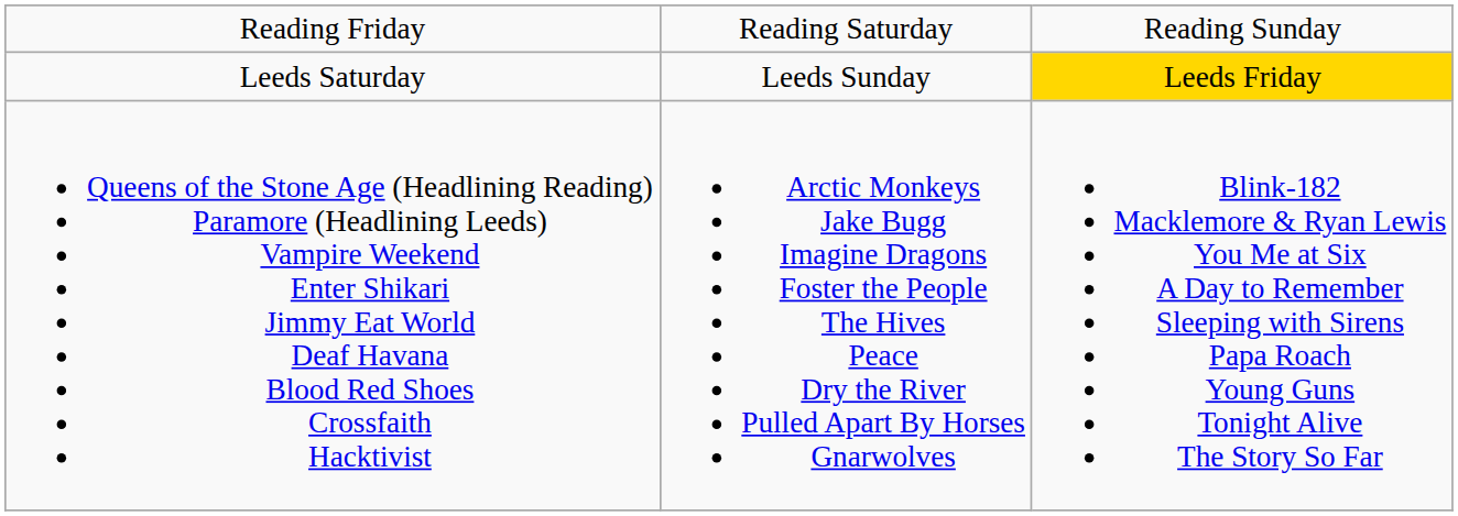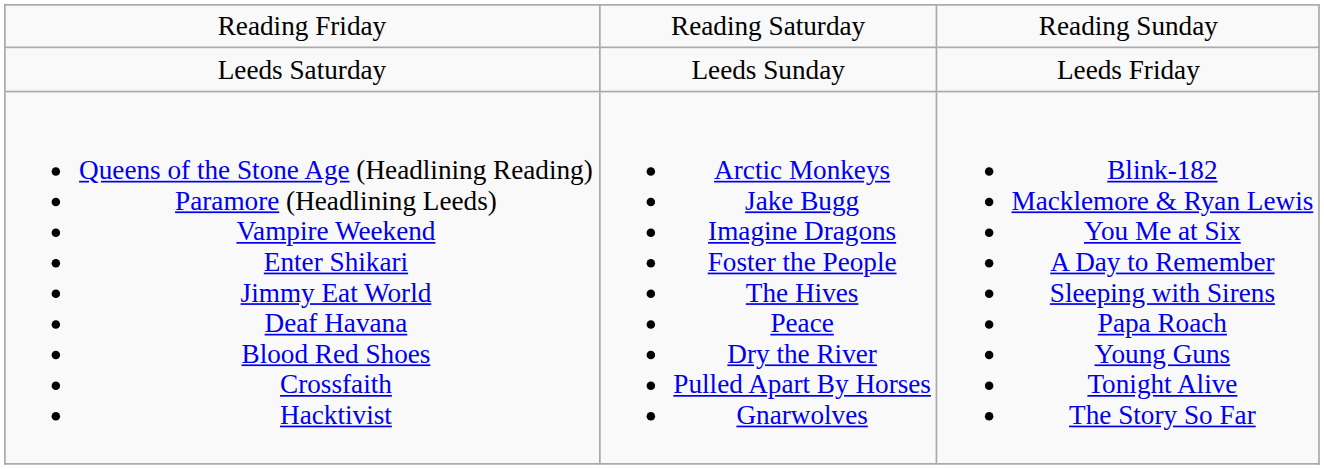 <table class="wikitable" style="text-align:center;">
 <tr>
 <td>Reading Friday</td>
 <td>Reading Saturday</td>
 <td>Reading Sunday</td>
 </tr>
 <tr>
 <td>Leeds Saturday</td>
 <td>Leeds Sunday</td>
-<td style="background: gold;">Leeds Friday</td>
+<td>Leeds Friday</td>
 </tr>
 <tr>
 <td><br><ul><li><a href='#'>Queens of the Stone Age</a> (Headlining Reading)</li><li><a href='#'>Paramore</a> (Headlining Leeds)</li><li><a href='#'>Vampire Weekend</a></li><li><a href='#'>Enter Shikari</a></li><li><a href='#'>Jimmy Eat World</a></li><li><a href='#'>Deaf Havana</a></li><li><a href='#'>Blood Red Shoes</a></li><li><a href='#'>Crossfaith</a></li><li><a href='#'>Hacktivist</a></li></ul></td>
 <td><br><ul><li><a href='#'>Arctic Monkeys</a></li><li><a href='#'>Jake Bugg</a></li><li><a href='#'>Imagine Dragons</a></li><li><a href='#'>Foster the People</a></li><li><a href='#'>The Hives</a></li><li><a href='#'>Peace</a></li><li><a href='#'>Dry the River</a></li><li><a href='#'>Pulled Apart By Horses</a></li><li><a href='#'>Gnarwolves</a></li></ul></td>
 <td><br><ul><li><a href='#'>Blink-182</a></li><li><a href='#'>Macklemore & Ryan Lewis</a></li><li><a href='#'>You Me at Six</a></li><li><a href='#'>A Day to Remember</a></li><li><a href='#'>Sleeping with Sirens</a></li><li><a href='#'>Papa Roach</a></li><li><a href='#'>Young Guns</a></li><li><a href='#'>Tonight Alive</a></li><li><a href='#'>The Story So Far</a></li></ul></td>
 </tr>
 </table>
